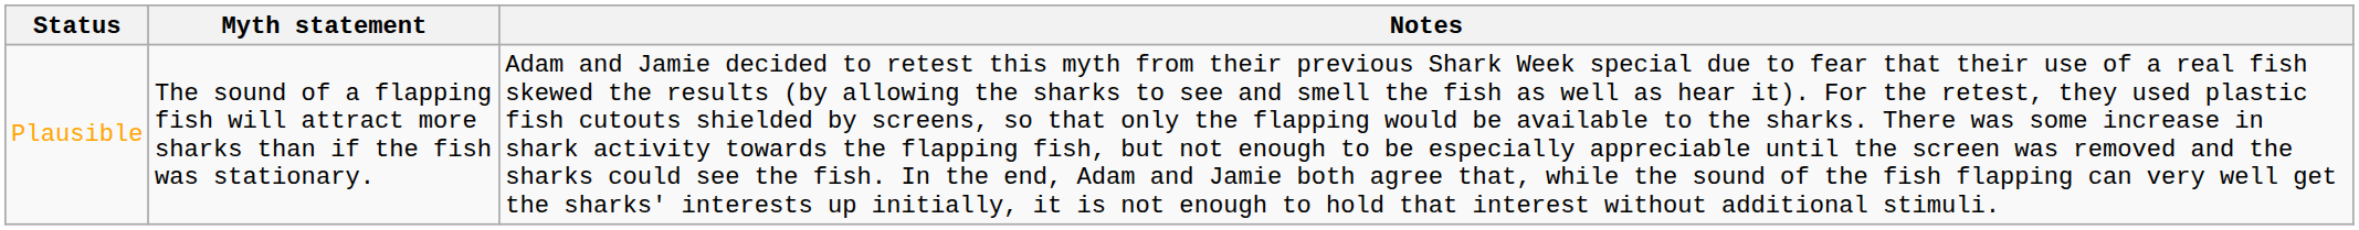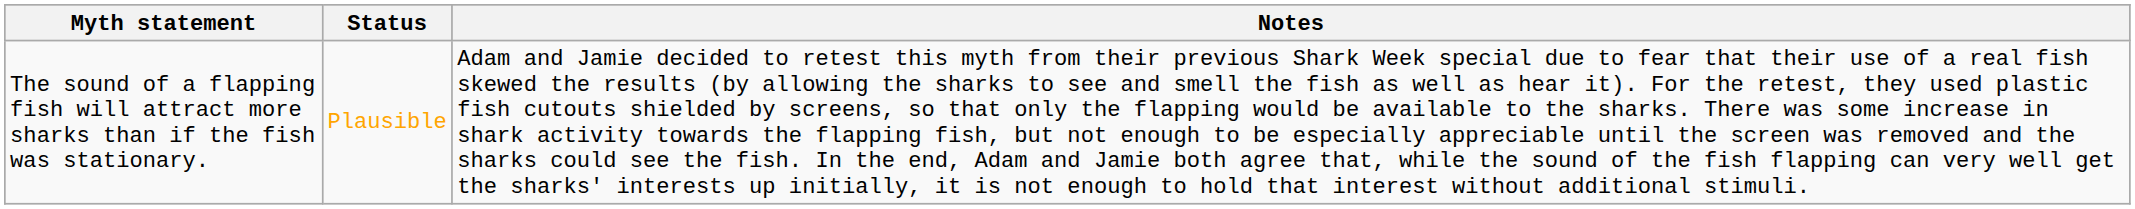 <table class="wikitable plainrowheaders">
 <tr>
+<th>Myth statement</th>
 <th>Status</th>
-<th>Myth statement</th>
 <th>Notes</th>
 </tr>
 <tr>
+<td>The sound of a flapping fish will attract more sharks than if the fish was stationary.</td>
 <td style="color:orange">Plausible</td>
-<td>The sound of a flapping fish will attract more sharks than if the fish was stationary.</td>
 <td>Adam and Jamie decided to retest this myth from their previous Shark Week special due to fear that their use of a real fish skewed the results (by allowing the sharks to see and smell the fish as well as hear it). For the retest, they used plastic fish cutouts shielded by screens, so that only the flapping would be available to the sharks. There was some increase in shark activity towards the flapping fish, but not enough to be especially appreciable until the screen was removed and the sharks could see the fish. In the end, Adam and Jamie both agree that, while the sound of the fish flapping can very well get the sharks' interests up initially, it is not enough to hold that interest without additional stimuli.</td>
 </tr>
 </table>
